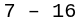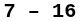 <table style="text-align:center">
 <tr>
 <th width=200></th>
 <th width=100></th>
 <th width=200></th>
 </tr>
 <tr>
 <td align=right></td>
-<td>7 – 16</td>
+<td><strong>7 – 16</strong></td>
 <td align=left><strong></strong></td>
 </tr>
 </table>
